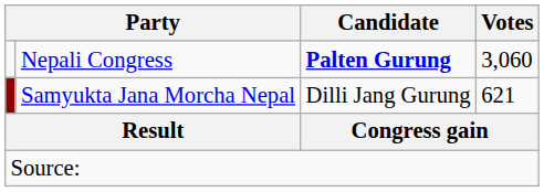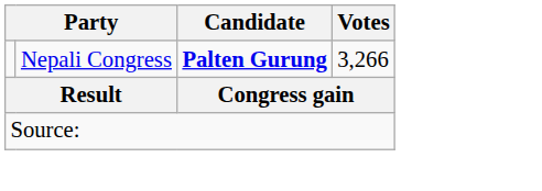 <table class="wikitable">
 <tr>
 <th colspan="2">Party</th>
 <th>Candidate</th>
 <th>Votes</th>
 </tr>
 <tr>
 <td style="background-color:"></td>
 <td><a href='#'>Nepali Congress</a></td>
 <td><strong><a href='#'>Palten Gurung</a></strong></td>
-<td>3,060</td>
-</tr>
-<tr>
-<td style="background-color:darkred"></td>
-<td><a href='#'>Samyukta Jana Morcha Nepal</a></td>
-<td>Dilli Jang Gurung</td>
-<td>621</td>
+<td>3,266</td>
 </tr>
 <tr>
 <th colspan="2">Result</th>
 <th colspan="2">Congress gain</th>
 </tr>
 <tr>
 <td colspan="4">Source: </td>
 </tr>
 </table>
